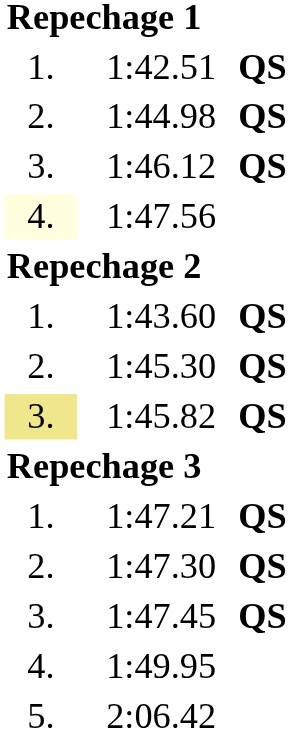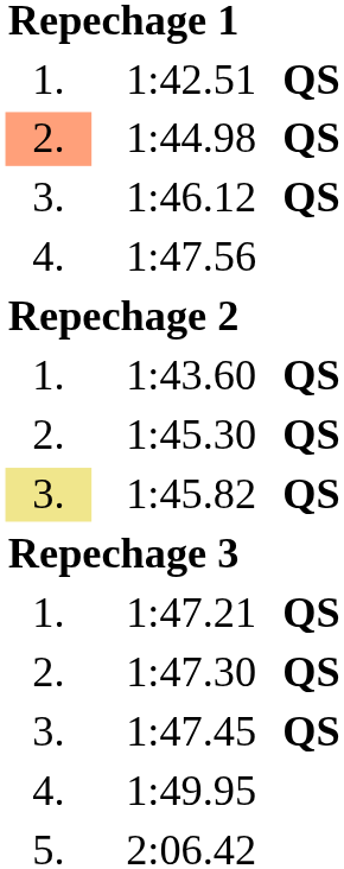 <table style="text-align:center">
 <tr>
 <td colspan=4 align=left><strong>Repechage 1</strong></td>
 </tr>
 <tr>
 <td width=30>1.</td>
 <td align=left></td>
 <td width=60>1:42.51</td>
 <td><strong>QS</strong></td>
 </tr>
 <tr>
-<td>2.</td>
+<td style="background: lightsalmon;">2.</td>
 <td align=left></td>
 <td>1:44.98</td>
 <td><strong>QS</strong></td>
 </tr>
 <tr>
 <td>3.</td>
 <td align=left></td>
 <td>1:46.12</td>
 <td><strong>QS</strong></td>
 </tr>
 <tr>
-<td style="background: lightyellow;">4.</td>
+<td>4.</td>
 <td align=left></td>
 <td>1:47.56</td>
 <td></td>
 </tr>
 <tr>
 <td colspan=4 align=left><strong>Repechage 2</strong></td>
 </tr>
 <tr>
 <td>1.</td>
 <td align=left></td>
 <td>1:43.60</td>
 <td><strong>QS</strong></td>
 </tr>
 <tr>
 <td>2.</td>
 <td align=left></td>
 <td>1:45.30</td>
 <td><strong>QS</strong></td>
 </tr>
 <tr>
 <td style="background: khaki;">3.</td>
 <td align=left></td>
 <td>1:45.82</td>
 <td><strong>QS</strong></td>
 </tr>
 <tr>
 <td colspan=4 align=left><strong>Repechage 3</strong></td>
 </tr>
 <tr>
 <td>1.</td>
 <td align=left></td>
 <td>1:47.21</td>
 <td><strong>QS</strong></td>
 </tr>
 <tr>
 <td>2.</td>
 <td align=left></td>
 <td>1:47.30</td>
 <td><strong>QS</strong></td>
 </tr>
 <tr>
 <td>3.</td>
 <td align=left></td>
 <td>1:47.45</td>
 <td><strong>QS</strong></td>
 </tr>
 <tr>
 <td>4.</td>
 <td align=left></td>
 <td>1:49.95</td>
 <td></td>
 </tr>
 <tr>
 <td>5.</td>
 <td align=left></td>
 <td>2:06.42</td>
 <td></td>
 </tr>
 </table>
